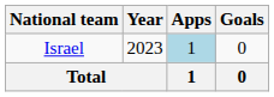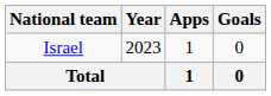 <table class="wikitable" style="text-align:center">
 <tr>
 <th>National team</th>
 <th>Year</th>
 <th>Apps</th>
 <th>Goals</th>
 </tr>
 <tr>
 <td><a href='#'>Israel</a></td>
 <td>2023</td>
-<td style="background: lightblue;">1</td>
+<td>1</td>
 <td>0</td>
 </tr>
 <tr>
 <th colspan="2">Total</th>
 <th>1</th>
 <th>0</th>
 </tr>
 </table>
